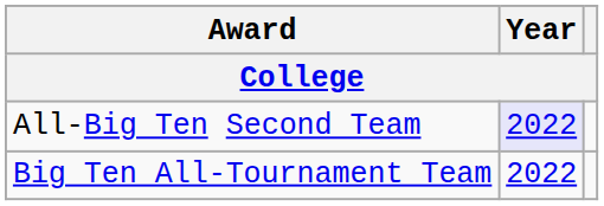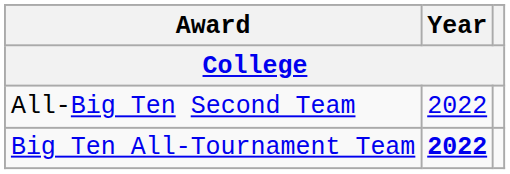 <table class="wikitable">
 <tr>
 <th>Award</th>
 <th>Year</th>
 <th></th>
 </tr>
 <tr>
 <th colspan="3"><a href='#'>College</a></th>
 </tr>
 <tr>
 <td>All-<a href='#'>Big Ten</a> <a href='#'>Second Team</a></td>
-<td style="background: lavender;"><a href='#'>2022</a></td>
+<td><a href='#'>2022</a></td>
 <td></td>
 </tr>
 <tr>
 <td><a href='#'>Big Ten All-Tournament Team</a></td>
-<td><a href='#'>2022</a></td>
+<td><strong><a href='#'>2022</a></strong></td>
 <td></td>
 </tr>
 </table>
